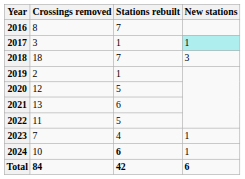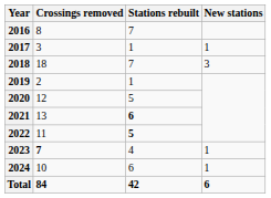 <table class="wikitable">
 <tr>
 <th>Year</th>
 <th>Crossings removed</th>
 <th>Stations rebuilt</th>
 <th>New stations</th>
 </tr>
 <tr>
 <th>2016</th>
 <td>8</td>
 <td>7</td>
 <td></td>
 </tr>
 <tr>
 <th>2017</th>
 <td>3</td>
 <td>1</td>
-<td style="background: paleturquoise;">1</td>
+<td>1</td>
 </tr>
 <tr>
 <th>2018</th>
 <td>18</td>
 <td>7</td>
 <td>3</td>
 </tr>
 <tr>
 <th>2019</th>
 <td>2</td>
 <td>1</td>
 <td rowspan="4"></td>
 </tr>
 <tr>
 <th>2020</th>
 <td>12</td>
 <td>5</td>
 </tr>
 <tr>
 <th>2021</th>
 <td>13</td>
-<td>6</td>
+<td><strong>6</strong></td>
 </tr>
 <tr>
 <th>2022</th>
 <td>11</td>
-<td>5</td>
+<td><strong>5</strong></td>
 </tr>
 <tr>
 <th>2023</th>
-<td>7</td>
+<td><strong>7</strong></td>
 <td>4</td>
 <td>1</td>
 </tr>
 <tr>
 <th>2024</th>
 <td>10</td>
-<td><strong>6</strong></td>
+<td>6</td>
 <td>1</td>
 </tr>
 <tr>
 <th>Total</th>
 <td><strong>84</strong></td>
 <td><strong>42</strong></td>
 <td><strong>6</strong></td>
 </tr>
 </table>
